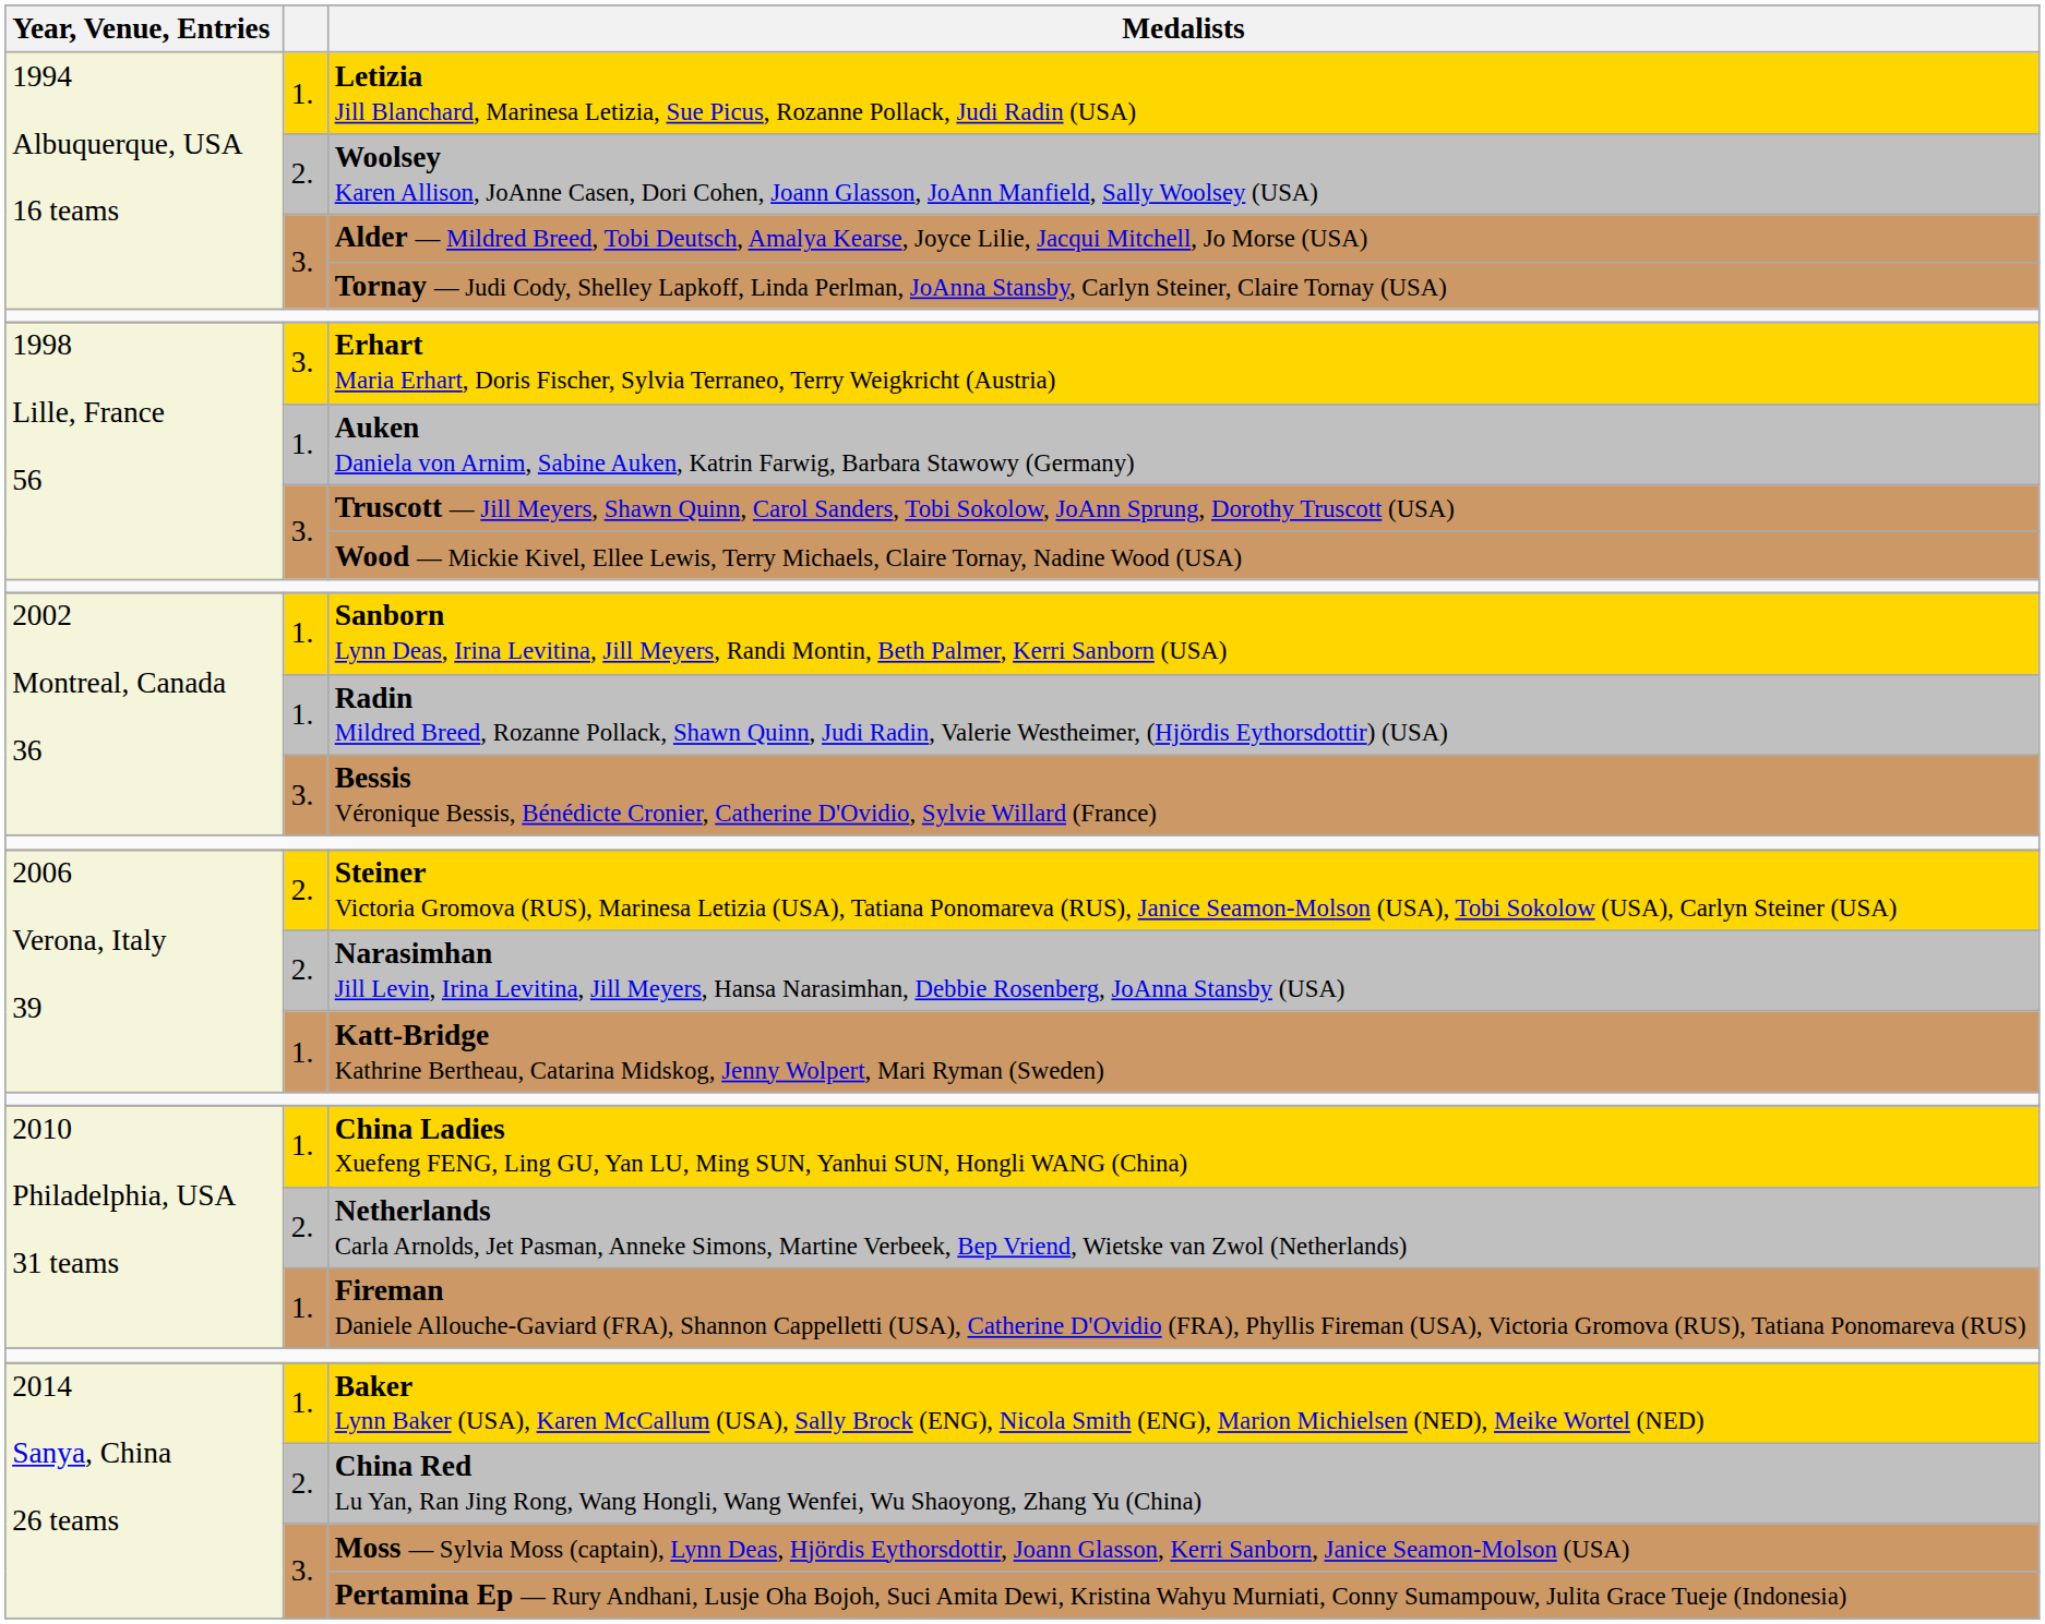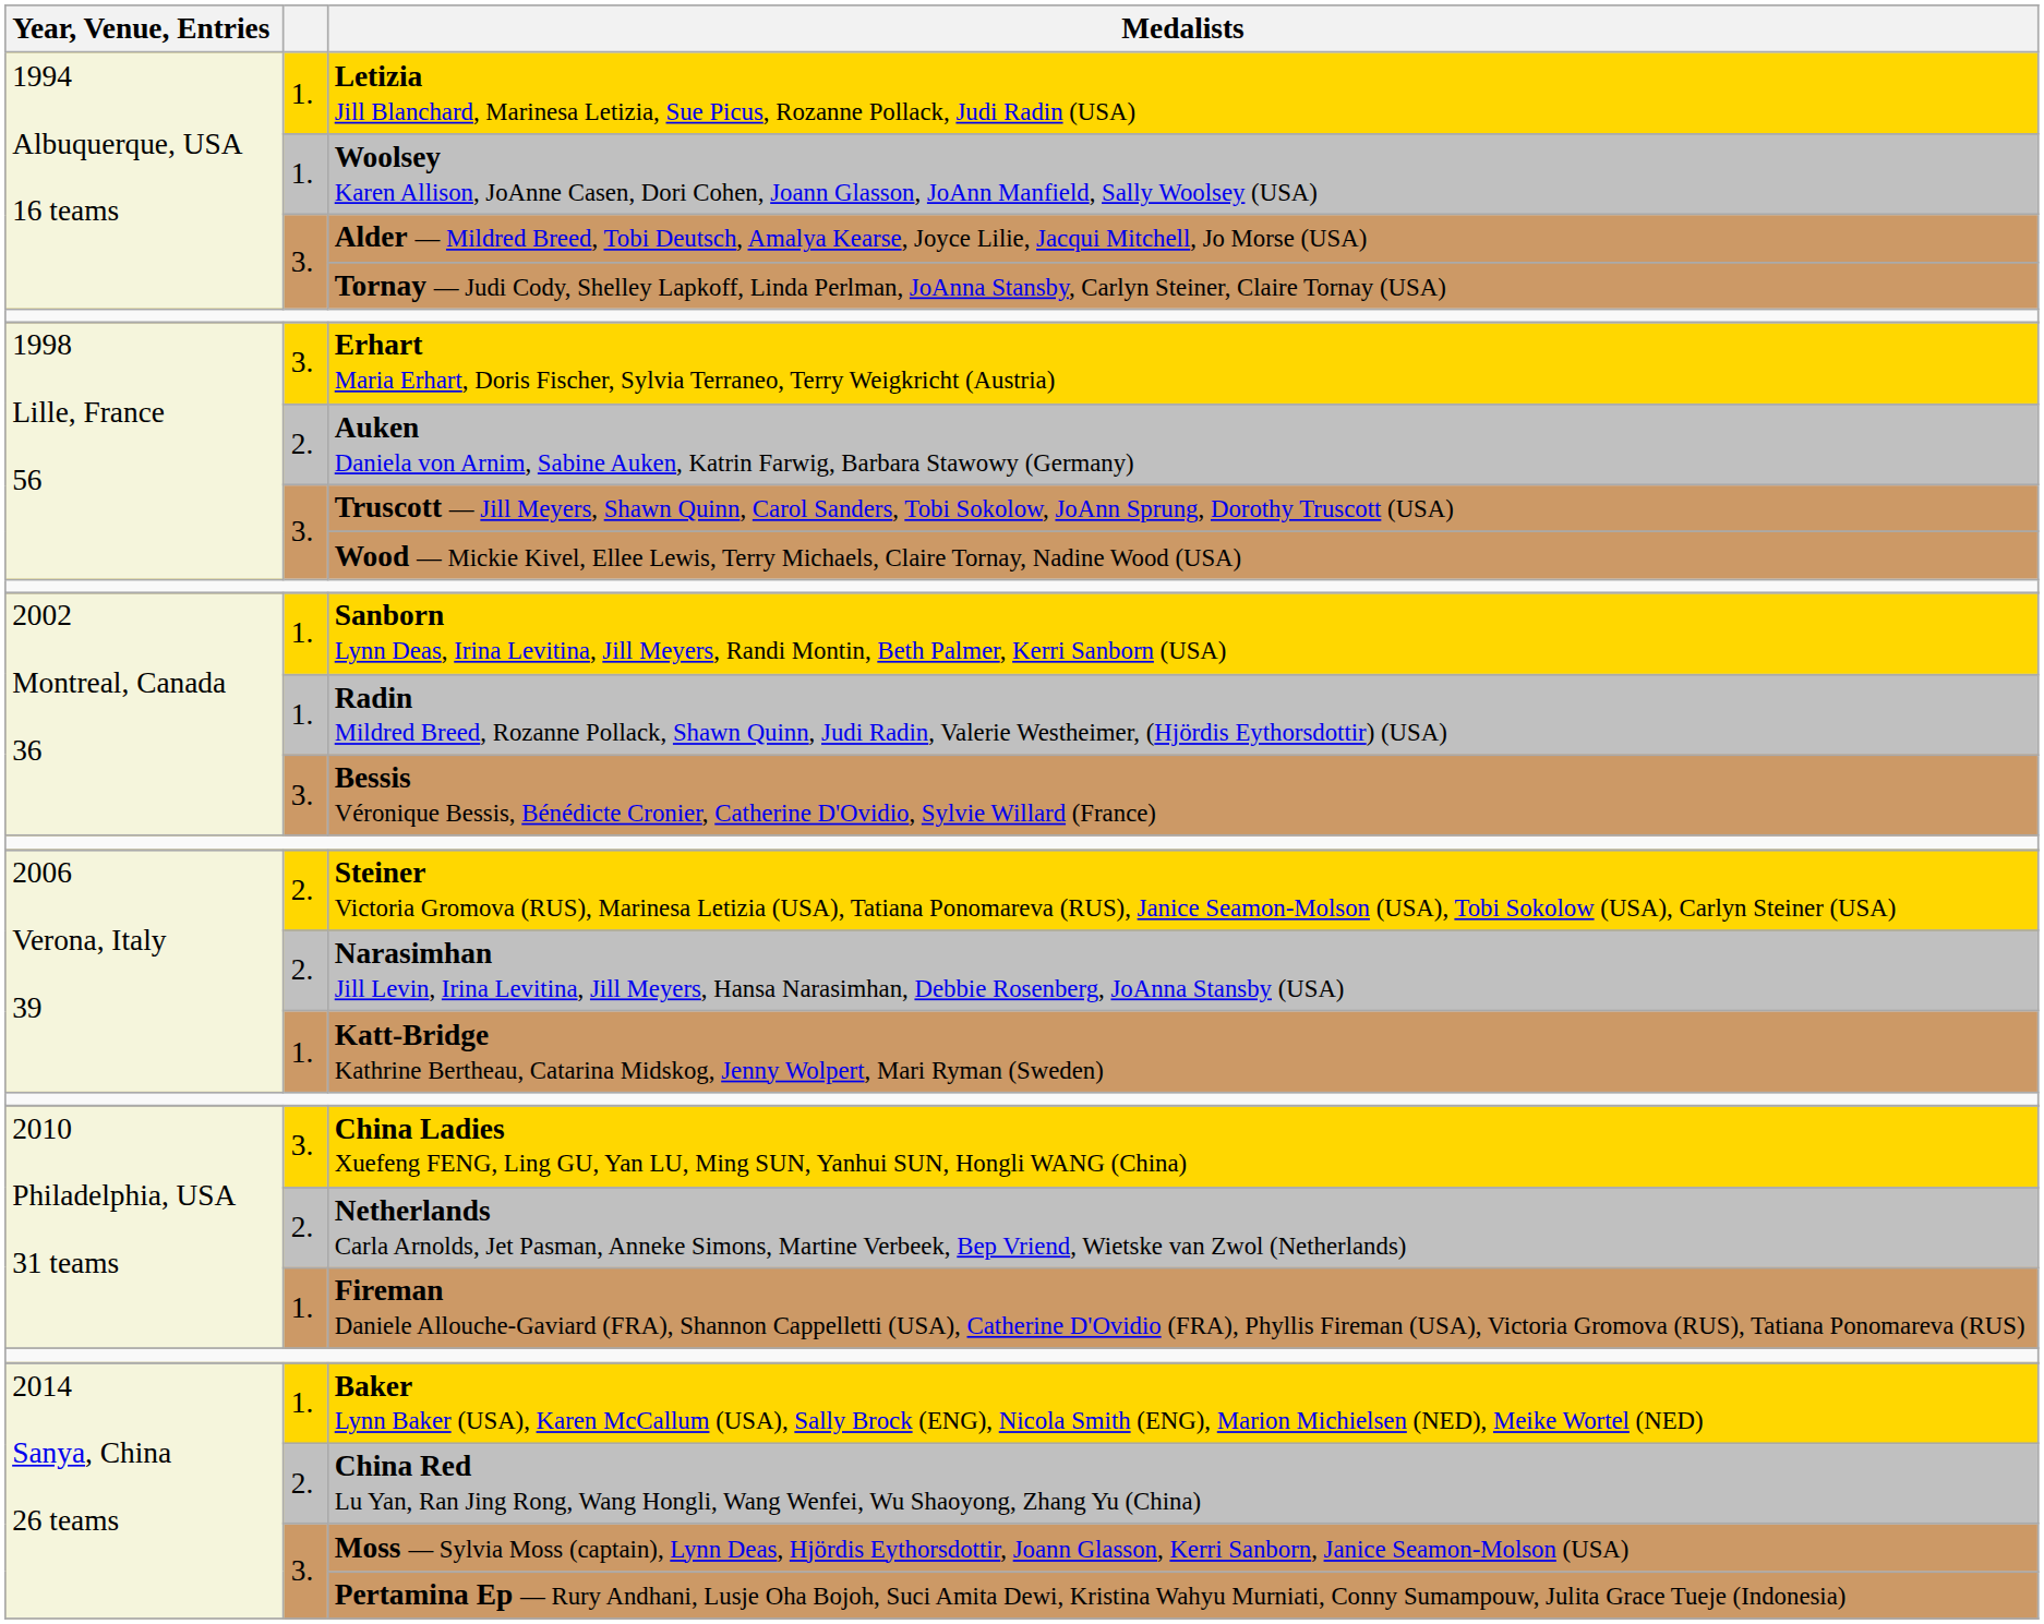 <table class=wikitable>
 <tr>
 <th>Year, Venue, Entries </th>
 <th></th>
 <th>Medalists</th>
 </tr>
 <tr bgcolor="gold">
 <td rowspan="4" bgcolor="beige" valign="Top">1994 <br><br>Albuquerque, USA <br> <br>16 teams</td>
 <td>1. </td>
 <td> <strong>Letizia</strong> <br><small><a href='#'>Jill Blanchard</a>, Marinesa Letizia, <a href='#'>Sue Picus</a>, Rozanne Pollack, <a href='#'>Judi Radin</a> (USA)</small></td>
 </tr>
 <tr bgcolor="silver">
-<td>2.</td>
+<td>1.</td>
 <td> <strong>Woolsey</strong> <br><small><a href='#'>Karen Allison</a>, JoAnne Casen, Dori Cohen, <a href='#'>Joann Glasson</a>, <a href='#'>JoAnn Manfield</a>, <a href='#'>Sally Woolsey</a> (USA)</small></td>
 </tr>
 <tr bgcolor="cc9966">
 <td rowspan=2>3.</td>
 <td> <strong>Alder</strong> <small>— <a href='#'>Mildred Breed</a>, <a href='#'>Tobi Deutsch</a>, <a href='#'>Amalya Kearse</a>, Joyce Lilie, <a href='#'>Jacqui Mitchell</a>, Jo Morse (USA)</small></td>
 </tr>
 <tr bgcolor="cc9966">
 <td> <strong>Tornay</strong> <small>— Judi Cody, Shelley Lapkoff, Linda Perlman, <a href='#'>JoAnna Stansby</a>, Carlyn Steiner, Claire Tornay (USA)</small></td>
 </tr>
 <tr>
 <td colspan=3></td>
 </tr>
 <tr>
 </tr>
 <tr bgcolor="gold">
 <td rowspan="4" bgcolor="beige" valign="Top">1998 <br><br>Lille, France <br> <br>56 </td>
 <td>3.</td>
 <td> <strong>Erhart</strong> <br><small><a href='#'>Maria Erhart</a>, Doris Fischer, Sylvia Terraneo, Terry Weigkricht (Austria)</small></td>
 </tr>
 <tr bgcolor="silver">
-<td>1.</td>
+<td>2.</td>
 <td> <strong>Auken</strong> <br><small><a href='#'>Daniela von Arnim</a>, <a href='#'>Sabine Auken</a>, Katrin Farwig, Barbara Stawowy (Germany)</small></td>
 </tr>
 <tr bgcolor="cc9966">
 <td rowspan=2>3.</td>
 <td> <strong>Truscott</strong> <small>— <a href='#'>Jill Meyers</a>, <a href='#'>Shawn Quinn</a>, <a href='#'>Carol Sanders</a>, <a href='#'>Tobi Sokolow</a>, <a href='#'>JoAnn Sprung</a>, <a href='#'>Dorothy Truscott</a> (USA)</small></td>
 </tr>
 <tr bgcolor="cc9966">
 <td> <strong>Wood</strong> <small>— Mickie Kivel, Ellee Lewis, Terry Michaels, Claire Tornay, Nadine Wood (USA)</small></td>
 </tr>
 <tr>
 <td colspan=3></td>
 </tr>
 <tr>
 </tr>
 <tr bgcolor="gold">
 <td rowspan="3" bgcolor="beige" valign="Top">2002 <br><br>Montreal, Canada <br> <br>36 </td>
 <td>1.</td>
 <td> <strong>Sanborn</strong> <br><small><a href='#'>Lynn Deas</a>, <a href='#'>Irina Levitina</a>, <a href='#'>Jill Meyers</a>, Randi Montin, <a href='#'>Beth Palmer</a>, <a href='#'>Kerri Sanborn</a> (USA)</small></td>
 </tr>
 <tr bgcolor="silver">
 <td>1.</td>
 <td> <strong>Radin</strong> <br><small><a href='#'>Mildred Breed</a>, Rozanne Pollack, <a href='#'>Shawn Quinn</a>, <a href='#'>Judi Radin</a>, Valerie Westheimer, (<a href='#'>Hjördis Eythorsdottir</a>) (USA)</small></td>
 </tr>
 <tr bgcolor="cc9966">
 <td>3.</td>
 <td> <strong>Bessis</strong> <br><small>Véronique Bessis, <a href='#'>Bénédicte Cronier</a>, <a href='#'>Catherine D'Ovidio</a>, <a href='#'>Sylvie Willard</a> (France)</small></td>
 </tr>
 <tr>
 <td colspan=3></td>
 </tr>
 <tr>
 </tr>
 <tr bgcolor="gold">
 <td rowspan="3" bgcolor="beige" valign="Top">2006 <br><br>Verona, Italy <br> <br>39 </td>
 <td>2.</td>
 <td>  <strong>Steiner</strong> <br><small>Victoria Gromova (RUS), Marinesa Letizia (USA), Tatiana Ponomareva (RUS), <a href='#'>Janice Seamon-Molson</a> (USA), <a href='#'>Tobi Sokolow</a> (USA), Carlyn Steiner (USA)</small></td>
 </tr>
 <tr bgcolor="silver">
 <td>2.</td>
 <td> <strong>Narasimhan</strong> <br><small><a href='#'>Jill Levin</a>, <a href='#'>Irina Levitina</a>, <a href='#'>Jill Meyers</a>, Hansa Narasimhan, <a href='#'>Debbie Rosenberg</a>, <a href='#'>JoAnna Stansby</a> (USA)</small></td>
 </tr>
 <tr bgcolor="cc9966">
 <td>1.</td>
 <td> <strong>Katt-Bridge</strong> <br><small>Kathrine Bertheau, Catarina Midskog, <a href='#'>Jenny Wolpert</a>, Mari Ryman (Sweden)</small></td>
 </tr>
 <tr>
 <td colspan=3></td>
 </tr>
 <tr>
 </tr>
 <tr bgcolor="gold">
 <td rowspan="3" bgcolor="beige" valign="Top">2010 <br><br>Philadelphia, USA <br> <br>31 teams</td>
-<td>1.</td>
+<td>3.</td>
 <td> <strong>China Ladies</strong> <br><small>Xuefeng FENG, Ling GU, Yan LU, Ming SUN, Yanhui SUN, Hongli WANG (China)</small></td>
 </tr>
 <tr bgcolor="silver">
 <td>2.</td>
 <td> <strong>Netherlands</strong> <br><small>Carla Arnolds, Jet Pasman, Anneke Simons, Martine Verbeek, <a href='#'>Bep Vriend</a>, Wietske van Zwol (Netherlands)</small></td>
 </tr>
 <tr bgcolor="cc9966">
 <td>1.</td>
 <td>   <strong>Fireman</strong> <br><small>Daniele Allouche-Gaviard (FRA), Shannon Cappelletti (USA), <a href='#'>Catherine D'Ovidio</a> (FRA), Phyllis Fireman (USA), Victoria Gromova (RUS), Tatiana Ponomareva (RUS) </small></td>
 </tr>
 <tr>
 <td colspan=3></td>
 </tr>
 <tr>
 </tr>
 <tr bgcolor="gold">
 <td rowspan="4" bgcolor="beige" valign="Top">2014  <br><br><a href='#'>Sanya</a>, China <br> <br> 26 teams </td>
 <td>1.</td>
 <td>   <strong>Baker</strong> <br><small><a href='#'>Lynn Baker</a> (USA), <a href='#'>Karen McCallum</a> (USA), <a href='#'>Sally Brock</a> (ENG), <a href='#'>Nicola Smith</a> (ENG), <a href='#'>Marion Michielsen</a> (NED), <a href='#'>Meike Wortel</a> (NED) </small></td>
 </tr>
 <tr bgcolor="silver">
 <td>2.</td>
 <td> <strong>China Red</strong> <br><small>Lu Yan, Ran Jing Rong, Wang Hongli, Wang Wenfei, Wu Shaoyong, Zhang Yu (China)</small></td>
 </tr>
 <tr bgcolor="cc9966">
 <td rowspan=2>3.</td>
 <td> <strong>Moss</strong> <small>— Sylvia Moss (captain), <a href='#'>Lynn Deas</a>, <a href='#'>Hjördis Eythorsdottir</a>, <a href='#'>Joann Glasson</a>, <a href='#'>Kerri Sanborn</a>, <a href='#'>Janice Seamon-Molson</a> (USA)</small></td>
 </tr>
 <tr bgcolor="cc9966">
 <td> <strong>Pertamina Ep</strong> <small>— Rury Andhani, Lusje Oha Bojoh, Suci Amita Dewi, Kristina Wahyu Murniati, Conny Sumampouw, Julita Grace Tueje (Indonesia) </small></td>
 </tr>
 </table>
